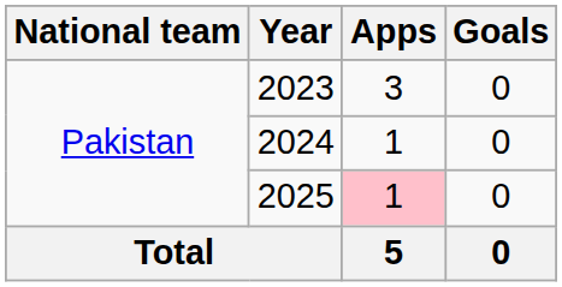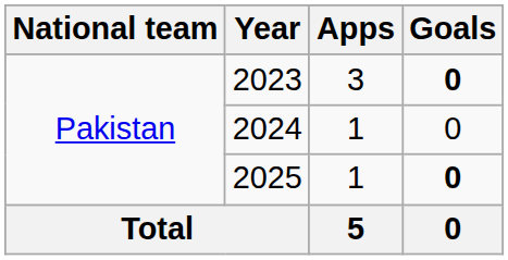 <table class="wikitable" style="text-align:center">
 <tr>
 <th>National team</th>
 <th>Year</th>
 <th>Apps</th>
 <th>Goals</th>
 </tr>
 <tr>
 <td rowspan="3"><a href='#'>Pakistan</a></td>
 <td>2023</td>
 <td>3</td>
-<td>0</td>
+<td><strong>0</strong></td>
 </tr>
 <tr>
 <td>2024</td>
 <td>1</td>
 <td>0</td>
 </tr>
 <tr>
 <td>2025</td>
-<td style="background: pink;">1</td>
-<td>0</td>
+<td>1</td>
+<td><strong>0</strong></td>
 </tr>
 <tr>
 <th colspan="2">Total</th>
 <th>5</th>
 <th>0</th>
 </tr>
 </table>
